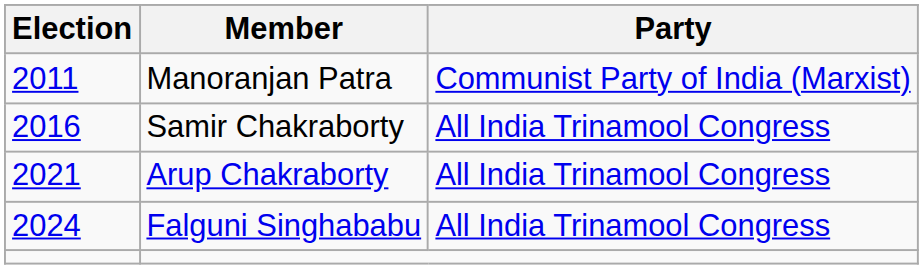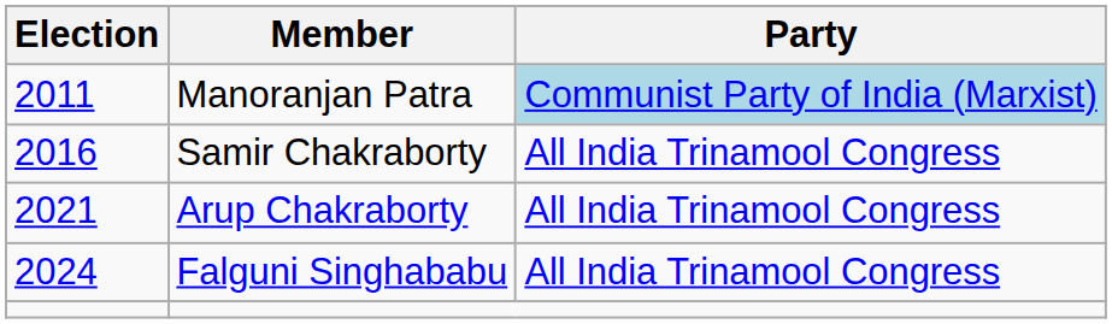 <table class="wikitable sortable">
 <tr>
 <th>Election</th>
 <th>Member</th>
 <th>Party</th>
 </tr>
 <tr>
 <td><a href='#'>2011</a></td>
 <td>Manoranjan Patra</td>
-<td><a href='#'>Communist Party of India (Marxist)</a></td>
+<td style="background: lightblue;"><a href='#'>Communist Party of India (Marxist)</a></td>
 </tr>
 <tr>
 <td><a href='#'>2016</a></td>
 <td>Samir Chakraborty</td>
 <td><a href='#'>All India Trinamool Congress</a></td>
 </tr>
 <tr>
 <td><a href='#'>2021</a></td>
 <td><a href='#'>Arup Chakraborty</a></td>
 <td><a href='#'>All India Trinamool Congress</a></td>
 </tr>
 <tr>
 <td><a href='#'>2024</a></td>
 <td><a href='#'>Falguni Singhababu</a></td>
 <td><a href='#'>All India Trinamool Congress</a></td>
 </tr>
 <tr>
 <td></td>
 </tr>
 </table>
